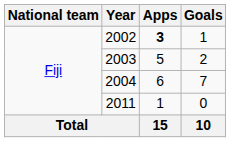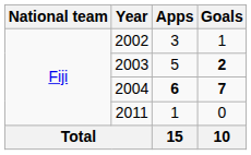 <table class=wikitable style=text-align:center>
 <tr>
 <th>National team</th>
 <th>Year</th>
 <th>Apps</th>
 <th>Goals</th>
 </tr>
 <tr>
 <td rowspan="4"><a href='#'>Fiji</a></td>
 <td>2002</td>
-<td><strong>3</strong></td>
+<td>3</td>
 <td>1</td>
 </tr>
 <tr>
 <td>2003</td>
 <td>5</td>
-<td>2</td>
+<td><strong>2</strong></td>
 </tr>
 <tr>
 <td>2004</td>
-<td>6</td>
-<td>7</td>
+<td><strong>6</strong></td>
+<td><strong>7</strong></td>
 </tr>
 <tr>
 <td>2011</td>
 <td>1</td>
 <td>0</td>
 </tr>
 <tr>
 <th colspan="2">Total</th>
 <th>15</th>
 <th>10</th>
 </tr>
 </table>
